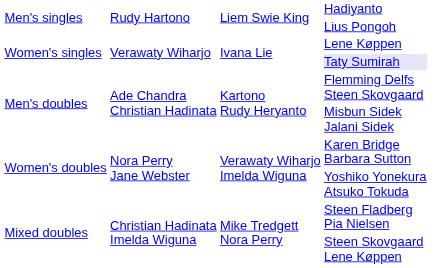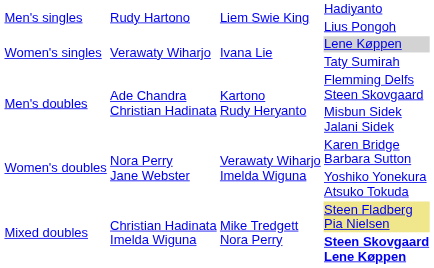 <table>
 <tr>
 <td rowspan=2><a href='#'>Men's singles</a></td>
 <td rowspan=2> <a href='#'>Rudy Hartono</a></td>
 <td rowspan=2> <a href='#'>Liem Swie King</a></td>
 <td> <a href='#'>Hadiyanto</a></td>
 </tr>
 <tr>
 <td> <a href='#'>Lius Pongoh</a></td>
 </tr>
 <tr>
 <td rowspan=2><a href='#'>Women's singles</a></td>
 <td rowspan=2> <a href='#'>Verawaty Wiharjo</a></td>
 <td rowspan=2> <a href='#'>Ivana Lie</a></td>
-<td> <a href='#'>Lene Køppen</a></td>
+<td style="background: lightgrey;"> <a href='#'>Lene Køppen</a></td>
 </tr>
 <tr>
-<td style="background: lavender;"> <a href='#'>Taty Sumirah</a></td>
+<td> <a href='#'>Taty Sumirah</a></td>
 </tr>
 <tr>
 <td rowspan=2><a href='#'>Men's doubles</a></td>
 <td rowspan=2> <a href='#'>Ade Chandra</a><br> <a href='#'>Christian Hadinata</a></td>
 <td rowspan=2> <a href='#'>Kartono</a> <br> <a href='#'>Rudy Heryanto</a></td>
 <td> <a href='#'>Flemming Delfs</a><br> <a href='#'>Steen Skovgaard</a></td>
 </tr>
 <tr>
 <td> <a href='#'>Misbun Sidek</a><br> <a href='#'>Jalani Sidek</a></td>
 </tr>
 <tr>
 <td rowspan=2><a href='#'>Women's doubles</a></td>
 <td rowspan=2> <a href='#'>Nora Perry</a><br> <a href='#'>Jane Webster</a></td>
 <td rowspan=2> <a href='#'>Verawaty Wiharjo</a><br> <a href='#'>Imelda Wiguna</a></td>
 <td> <a href='#'>Karen Bridge</a><br> <a href='#'>Barbara Sutton</a></td>
 </tr>
 <tr>
 <td> <a href='#'>Yoshiko Yonekura</a><br> <a href='#'>Atsuko Tokuda</a></td>
 </tr>
 <tr>
 <td rowspan=2><a href='#'>Mixed doubles</a></td>
 <td rowspan=2> <a href='#'>Christian Hadinata</a><br> <a href='#'>Imelda Wiguna</a></td>
 <td rowspan=2> <a href='#'>Mike Tredgett</a><br> <a href='#'>Nora Perry</a></td>
-<td> <a href='#'>Steen Fladberg</a><br> <a href='#'>Pia Nielsen</a></td>
+<td style="background: khaki;"> <a href='#'>Steen Fladberg</a><br> <a href='#'>Pia Nielsen</a></td>
 </tr>
 <tr>
-<td> <a href='#'>Steen Skovgaard</a> <br> <a href='#'>Lene Køppen</a></td>
+<td><strong> <a href='#'>Steen Skovgaard</a> <br> <a href='#'>Lene Køppen</a></strong></td>
 </tr>
 </table>
